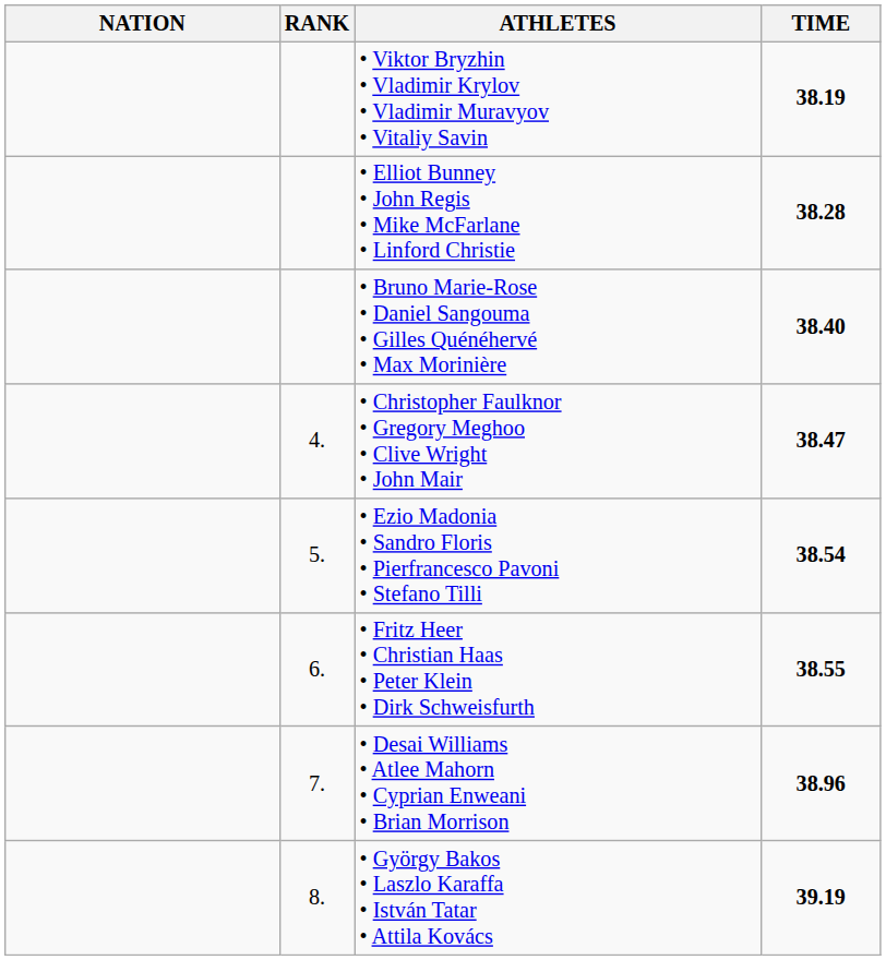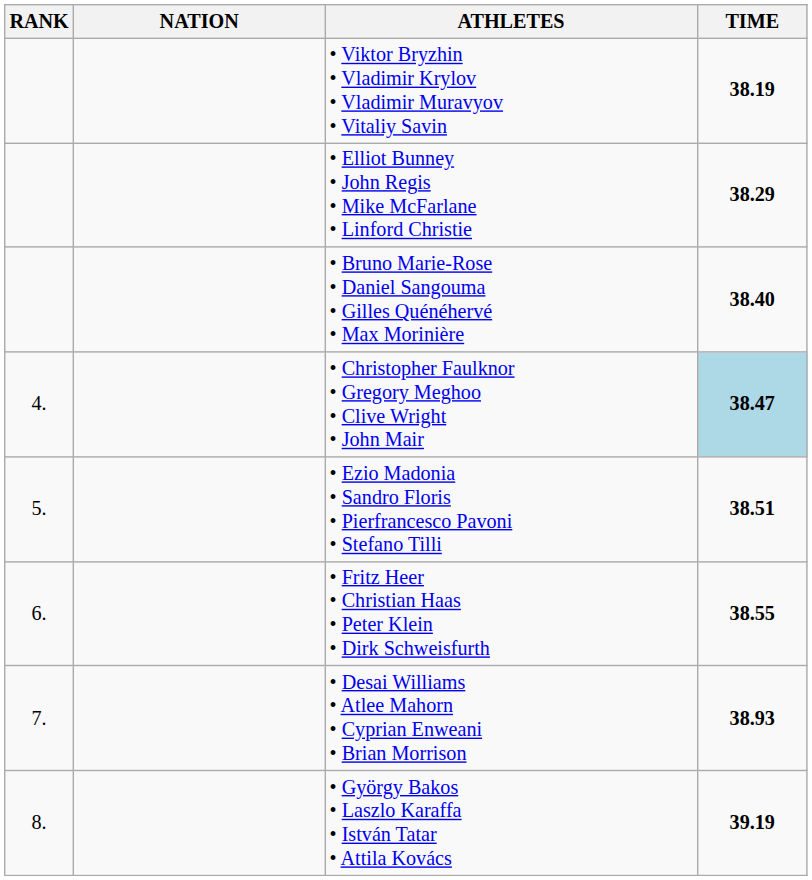 <table class="wikitable" style="border-collapse: collapse; font-size: 90%;">
 <tr>
+<th>RANK</th>
 <th style="width: 12em">NATION</th>
-<th>RANK</th>
 <th style="width: 18em">ATHLETES</th>
 <th style="width: 5em">TIME</th>
 </tr>
 <tr>
 <td align="center"></td>
 <td align="center"></td>
 <td>• <a href='#'>Viktor Bryzhin</a><br>• <a href='#'>Vladimir Krylov</a><br>• <a href='#'>Vladimir Muravyov</a><br>• <a href='#'>Vitaliy Savin</a></td>
 <td align="center"><strong>38.19</strong></td>
 </tr>
 <tr>
 <td align="center"></td>
 <td align="center"></td>
 <td>• <a href='#'>Elliot Bunney</a><br>• <a href='#'>John Regis</a><br>• <a href='#'>Mike McFarlane</a><br>• <a href='#'>Linford Christie</a></td>
-<td align="center"><strong>38.28</strong></td>
+<td align="center"><strong>38.29</strong></td>
 </tr>
 <tr>
 <td align="center"></td>
 <td align="center"></td>
 <td>• <a href='#'>Bruno Marie-Rose</a><br>• <a href='#'>Daniel Sangouma</a><br>• <a href='#'>Gilles Quénéhervé</a><br>• <a href='#'>Max Morinière</a></td>
 <td align="center"><strong>38.40</strong></td>
 </tr>
 <tr>
+<td align="center">4.</td>
 <td align="center"></td>
-<td align="center">4.</td>
 <td>• <a href='#'>Christopher Faulknor</a><br>• <a href='#'>Gregory Meghoo</a><br>• <a href='#'>Clive Wright</a><br>• <a href='#'>John Mair</a></td>
-<td align="center"><strong>38.47</strong></td>
+<td align="center" style="background: lightblue;"><strong>38.47</strong></td>
 </tr>
 <tr>
+<td align="center">5.</td>
 <td align="center"></td>
-<td align="center">5.</td>
 <td>• <a href='#'>Ezio Madonia</a><br>• <a href='#'>Sandro Floris</a><br>• <a href='#'>Pierfrancesco Pavoni</a><br>• <a href='#'>Stefano Tilli</a></td>
-<td align="center"><strong>38.54</strong></td>
+<td align="center"><strong>38.51</strong></td>
 </tr>
 <tr>
+<td align="center">6.</td>
 <td align="center"></td>
-<td align="center">6.</td>
 <td>• <a href='#'>Fritz Heer</a><br>• <a href='#'>Christian Haas</a><br>• <a href='#'>Peter Klein</a><br>• <a href='#'>Dirk Schweisfurth</a></td>
 <td align="center"><strong>38.55</strong></td>
 </tr>
 <tr>
+<td align="center">7.</td>
 <td align="center"></td>
-<td align="center">7.</td>
 <td>• <a href='#'>Desai Williams</a><br>• <a href='#'>Atlee Mahorn</a><br>• <a href='#'>Cyprian Enweani</a><br>• <a href='#'>Brian Morrison</a></td>
-<td align="center"><strong>38.96</strong></td>
+<td align="center"><strong>38.93</strong></td>
 </tr>
 <tr>
+<td align="center">8.</td>
 <td align="center"></td>
-<td align="center">8.</td>
 <td>• <a href='#'>György Bakos</a><br>• <a href='#'>Laszlo Karaffa</a><br>• <a href='#'>István Tatar</a><br>• <a href='#'>Attila Kovács</a></td>
 <td align="center"><strong>39.19</strong></td>
 </tr>
 </table>
